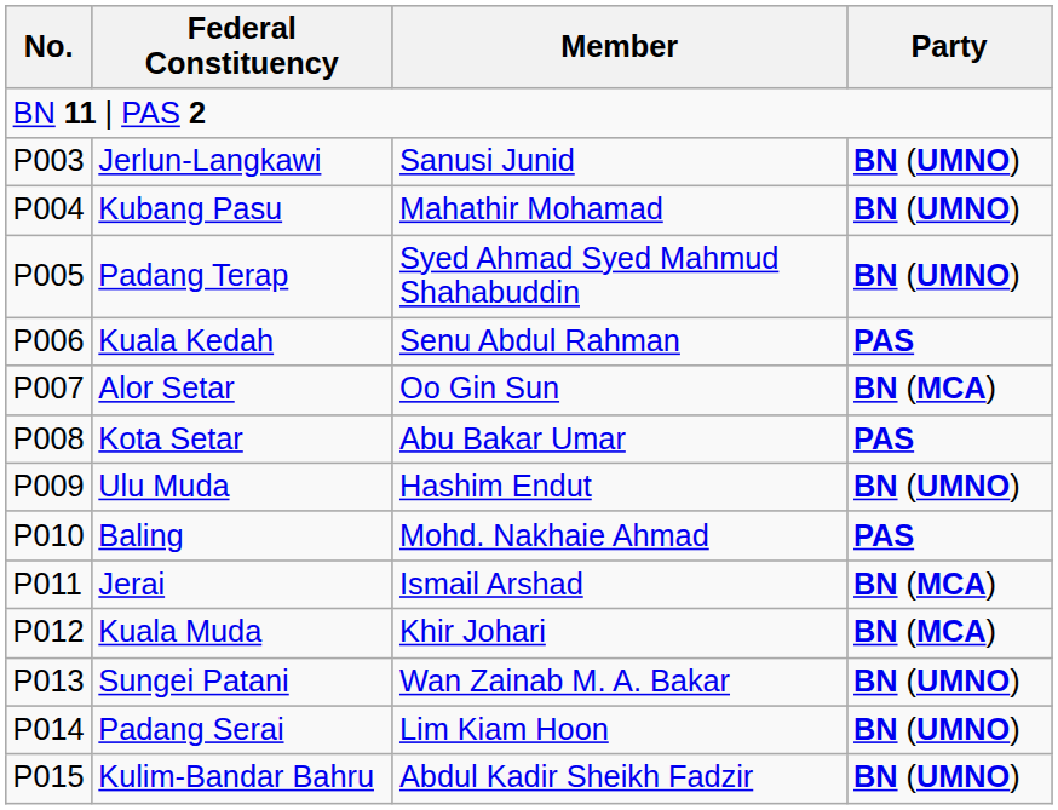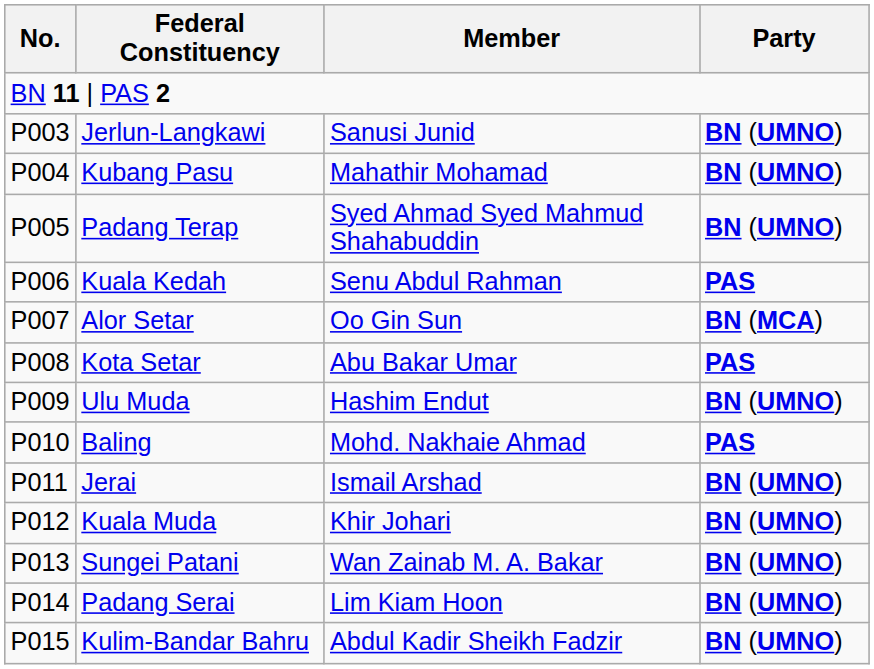 <table class="wikitable sortable">
 <tr>
 <th style="width:30px;">No.</th>
 <th style="width:150px;">Federal Constituency</th>
 <th style="width:230px;">Member</th>
 <th style="width:100px;">Party</th>
 </tr>
 <tr>
 <td colspan="4"><a href='#'>BN</a> <strong>11</strong> | <a href='#'>PAS</a> <strong>2</strong></td>
 </tr>
 <tr>
 <td>P003</td>
 <td><a href='#'>Jerlun-Langkawi</a></td>
 <td><a href='#'>Sanusi Junid</a></td>
 <td><strong><a href='#'>BN</a></strong> (<strong><a href='#'>UMNO</a></strong>)</td>
 </tr>
 <tr>
 <td>P004</td>
 <td><a href='#'>Kubang Pasu</a></td>
 <td><a href='#'>Mahathir Mohamad</a></td>
 <td><strong><a href='#'>BN</a></strong> (<strong><a href='#'>UMNO</a></strong>)</td>
 </tr>
 <tr>
 <td>P005</td>
 <td><a href='#'>Padang Terap</a></td>
 <td><a href='#'>Syed Ahmad Syed Mahmud Shahabuddin</a></td>
 <td><strong><a href='#'>BN</a></strong> (<strong><a href='#'>UMNO</a></strong>)</td>
 </tr>
 <tr>
 <td>P006</td>
 <td><a href='#'>Kuala Kedah</a></td>
 <td><a href='#'>Senu Abdul Rahman</a></td>
 <td><strong><a href='#'>PAS</a></strong></td>
 </tr>
 <tr>
 <td>P007</td>
 <td><a href='#'>Alor Setar</a></td>
 <td><a href='#'>Oo Gin Sun</a></td>
 <td><strong><a href='#'>BN</a></strong> (<strong><a href='#'>MCA</a></strong>)</td>
 </tr>
 <tr>
 <td>P008</td>
 <td><a href='#'>Kota Setar</a></td>
 <td><a href='#'>Abu Bakar Umar</a></td>
 <td><strong><a href='#'>PAS</a></strong></td>
 </tr>
 <tr>
 <td>P009</td>
 <td><a href='#'>Ulu Muda</a></td>
 <td><a href='#'>Hashim Endut</a></td>
 <td><strong><a href='#'>BN</a></strong> (<strong><a href='#'>UMNO</a></strong>)</td>
 </tr>
 <tr>
 <td>P010</td>
 <td><a href='#'>Baling</a></td>
 <td><a href='#'>Mohd. Nakhaie Ahmad</a></td>
 <td><strong><a href='#'>PAS</a></strong></td>
 </tr>
 <tr>
 <td>P011</td>
 <td><a href='#'>Jerai</a></td>
 <td><a href='#'>Ismail Arshad</a></td>
-<td><strong><a href='#'>BN</a></strong> (<strong><a href='#'>MCA</a></strong>)</td>
+<td><strong><a href='#'>BN</a></strong> (<strong><a href='#'>UMNO</a></strong>)</td>
 </tr>
 <tr>
 <td>P012</td>
 <td><a href='#'>Kuala Muda</a></td>
 <td><a href='#'>Khir Johari</a></td>
-<td><strong><a href='#'>BN</a></strong> (<strong><a href='#'>MCA</a></strong>)</td>
+<td><strong><a href='#'>BN</a></strong> (<strong><a href='#'>UMNO</a></strong>)</td>
 </tr>
 <tr>
 <td>P013</td>
 <td><a href='#'>Sungei Patani</a></td>
 <td><a href='#'>Wan Zainab M. A. Bakar</a></td>
 <td><strong><a href='#'>BN</a></strong> (<strong><a href='#'>UMNO</a></strong>)</td>
 </tr>
 <tr>
 <td>P014</td>
 <td><a href='#'>Padang Serai</a></td>
 <td><a href='#'>Lim Kiam Hoon</a></td>
 <td><strong><a href='#'>BN</a></strong> (<strong><a href='#'>UMNO</a></strong>)</td>
 </tr>
 <tr>
 <td>P015</td>
 <td><a href='#'>Kulim-Bandar Bahru</a></td>
 <td><a href='#'>Abdul Kadir Sheikh Fadzir</a></td>
 <td><strong><a href='#'>BN</a></strong> (<strong><a href='#'>UMNO</a></strong>)</td>
 </tr>
 </table>
